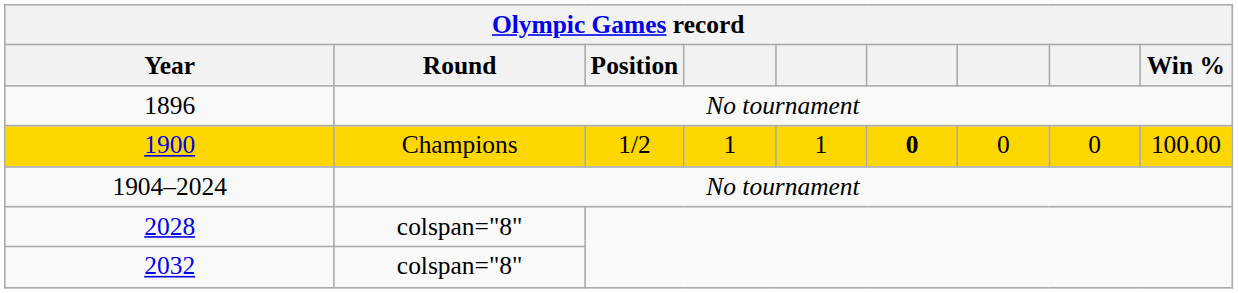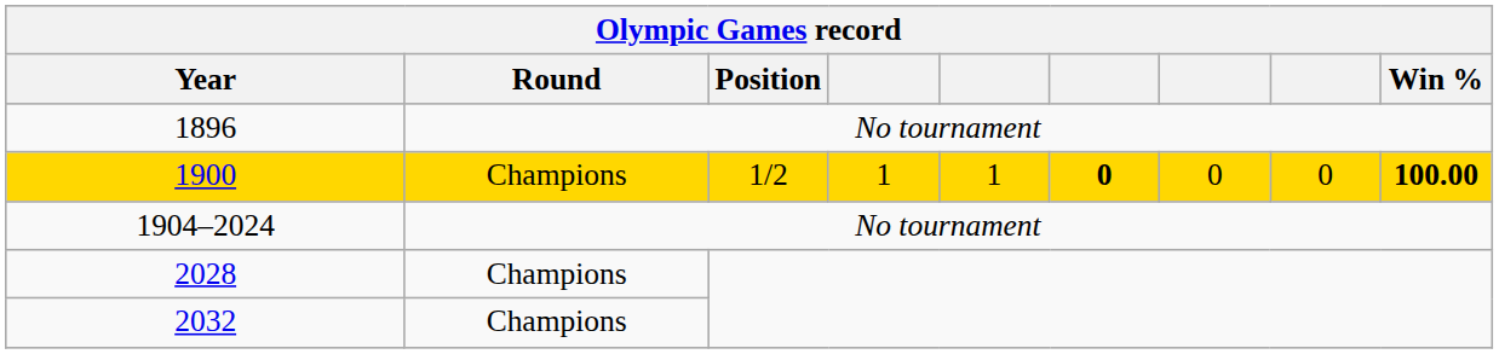 <table class="wikitable" style="text-align:center">
 <tr>
 <th colspan=9><a href='#'>Olympic Games</a> record</th>
 </tr>
 <tr>
 <th width=200>Year</th>
 <th width=150>Round</th>
 <th width=50>Position</th>
 <th width=50></th>
 <th width=50></th>
 <th width=50></th>
 <th width=50></th>
 <th width=50></th>
 <th width=50>Win %</th>
 </tr>
 <tr>
 <td> 1896</td>
 <td colspan="8"><em>No tournament</em></td>
 </tr>
 <tr style="background:gold">
 <td> <a href='#'>1900</a></td>
 <td>Champions</td>
 <td>1/2</td>
 <td>1</td>
 <td>1</td>
 <td><strong>0</strong></td>
 <td>0</td>
 <td>0</td>
-<td>100.00</td>
+<td><strong>100.00</strong></td>
 </tr>
 <tr>
 <td>1904–2024</td>
 <td colspan="8"><em>No tournament</em></td>
 </tr>
 <tr>
 <td> <a href='#'>2028</a></td>
-<td>colspan="8" </td>
+<td>Champions</td>
 </tr>
 <tr>
 <td> <a href='#'>2032</a></td>
-<td>colspan="8" </td>
+<td>Champions</td>
 </tr>
 </table>
